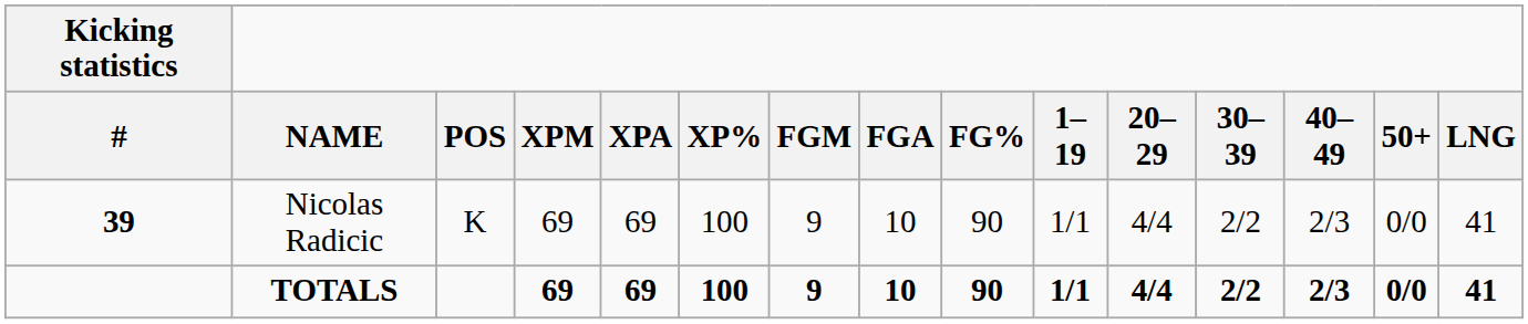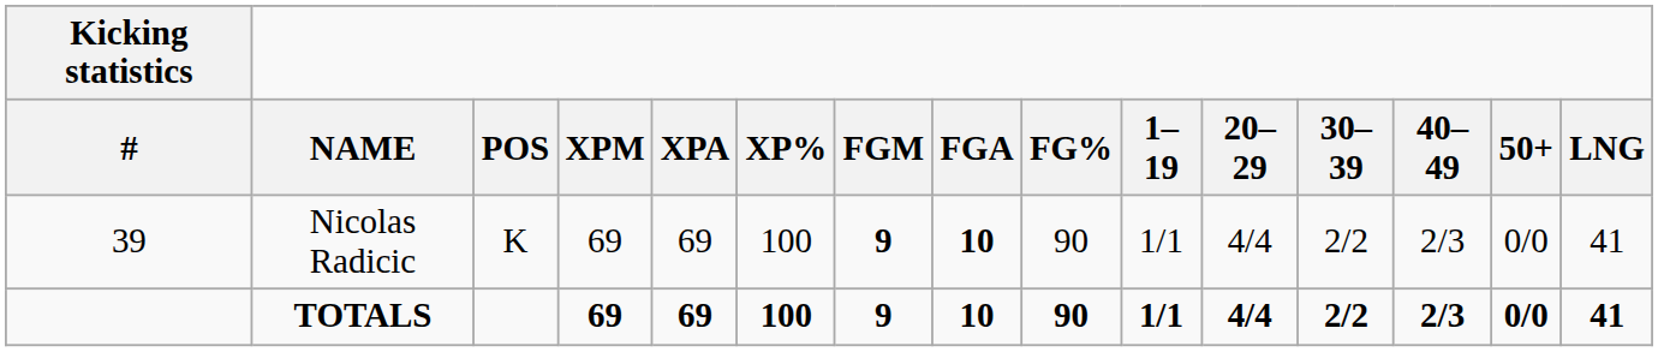 <table style="width:60%; text-align:center;" class="wikitable collapsible collapsed">
 <tr>
 <th style="text-align:center; ">Kicking statistics</th>
 </tr>
 <tr>
 <th>#</th>
 <th>NAME</th>
 <th>POS</th>
 <th>XPM</th>
 <th>XPA</th>
 <th>XP%</th>
 <th>FGM</th>
 <th>FGA</th>
 <th>FG%</th>
 <th>1–19</th>
 <th>20–29</th>
 <th>30–39</th>
 <th>40–49</th>
 <th>50+</th>
 <th>LNG</th>
 </tr>
 <tr>
-<td><strong>39</strong></td>
+<td>39</td>
 <td>Nicolas Radicic</td>
 <td>K</td>
 <td>69</td>
 <td>69</td>
 <td>100</td>
-<td>9</td>
-<td>10</td>
+<td><strong>9</strong></td>
+<td><strong>10</strong></td>
 <td>90</td>
 <td>1/1</td>
 <td>4/4</td>
 <td>2/2</td>
 <td>2/3</td>
 <td>0/0</td>
 <td>41</td>
 </tr>
 <tr>
 <td></td>
 <td><strong>TOTALS</strong></td>
 <td></td>
 <td><strong>69</strong></td>
 <td><strong>69</strong></td>
 <td><strong>100</strong></td>
 <td><strong>9</strong></td>
 <td><strong>10</strong></td>
 <td><strong>90</strong></td>
 <td><strong>1/1</strong></td>
 <td><strong>4/4</strong></td>
 <td><strong>2/2</strong></td>
 <td><strong>2/3</strong></td>
 <td><strong>0/0</strong></td>
 <td><strong>41</strong></td>
 </tr>
 </table>
